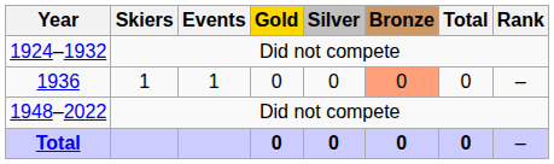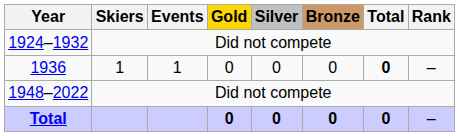 <table class="wikitable sortable collapsible collapsed">
 <tr>
 <th>Year</th>
 <th>Skiers</th>
 <th>Events</th>
 <th style="text-align:center; background-color:gold;"><strong>Gold</strong></th>
 <th style="text-align:center; background-color:silver;"><strong>Silver</strong></th>
 <th style="text-align:center; background-color:#c96;"><strong>Bronze</strong></th>
 <th>Total</th>
 <th>Rank</th>
 </tr>
 <tr style="text-align:center">
 <td><a href='#'>1924</a>–<a href='#'>1932</a></td>
 <td colspan=7>Did not compete</td>
 </tr>
 <tr style="text-align:center">
 <td><a href='#'>1936</a></td>
 <td>1</td>
 <td>1</td>
 <td>0</td>
 <td>0</td>
-<td style="background: lightsalmon;">0</td>
 <td>0</td>
+<td><strong>0</strong></td>
 <td>–</td>
 </tr>
 <tr style="text-align:center">
 <td><a href='#'>1948</a>–<a href='#'>2022</a></td>
 <td colspan=7>Did not compete</td>
 </tr>
 <tr style="text-align:center; background-color:#ccf;">
 <td><strong><a href='#'>Total</a></strong></td>
 <td></td>
 <td></td>
 <td><strong>0</strong></td>
 <td><strong>0</strong></td>
 <td><strong>0</strong></td>
 <td><strong>0</strong></td>
 <td><em>–</em></td>
 </tr>
 </table>
